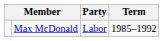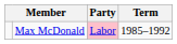 <table class="wikitable">
 <tr>
 <th colspan="2">Member</th>
 <th>Party</th>
 <th>Term</th>
 </tr>
 <tr>
 <td> </td>
 <td><a href='#'>Max McDonald</a></td>
-<td><a href='#'>Labor</a></td>
+<td style="background: pink;"><a href='#'>Labor</a></td>
 <td>1985–1992</td>
 </tr>
 </table>
